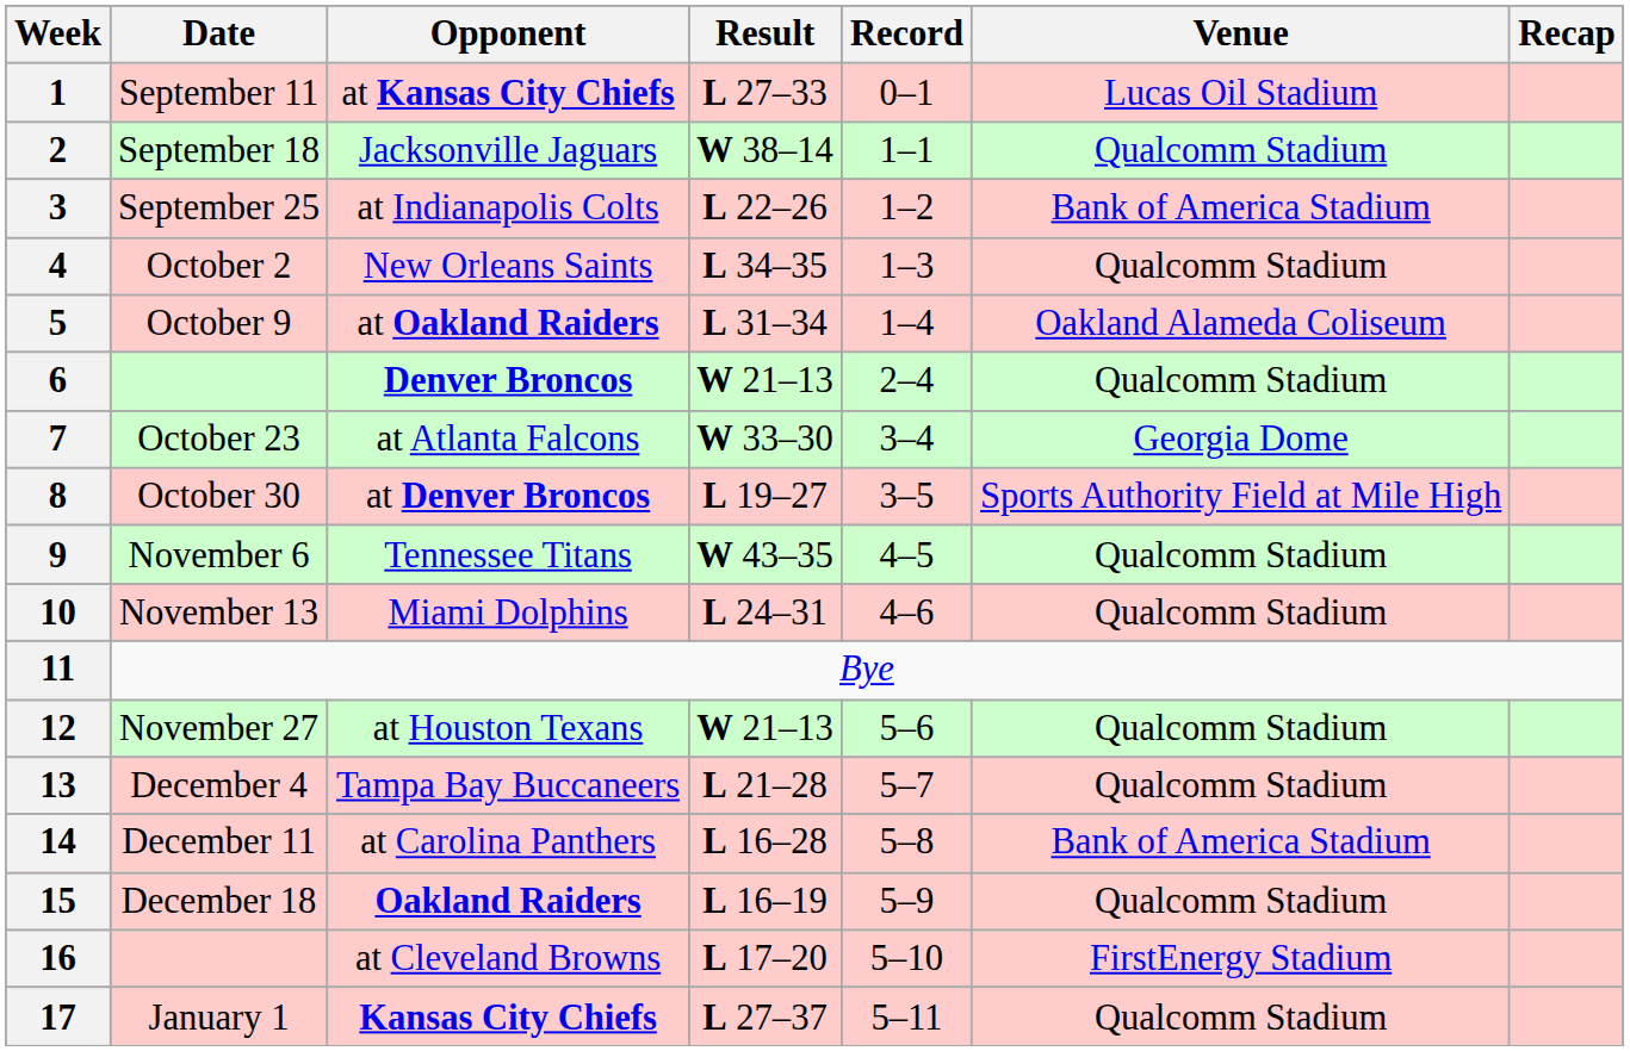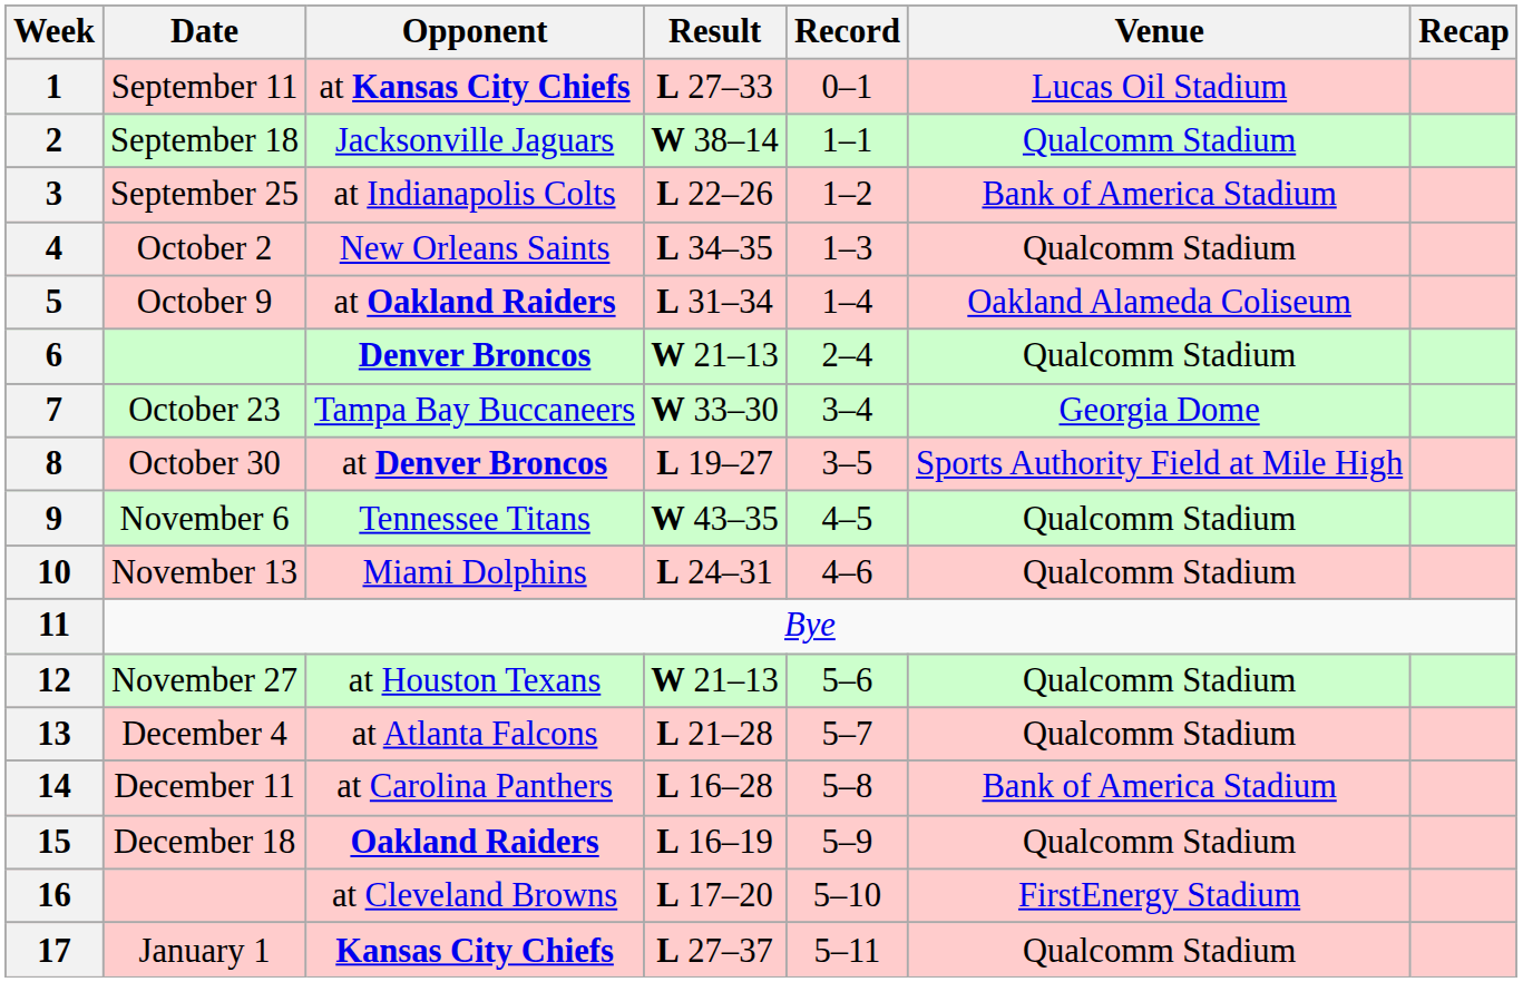 <table class="wikitable" style="text-align:center">
 <tr>
 <th>Week</th>
 <th>Date</th>
 <th>Opponent</th>
 <th>Result</th>
 <th>Record</th>
 <th>Venue</th>
 <th>Recap</th>
 </tr>
 <tr style="background:#fcc">
 <th>1</th>
 <td>September 11</td>
 <td>at <strong><a href='#'>Kansas City Chiefs</a></strong></td>
 <td><strong>L</strong> 27–33 </td>
 <td>0–1</td>
 <td><a href='#'>Lucas Oil Stadium</a></td>
 <td></td>
 </tr>
 <tr style="background:#cfc">
 <th>2</th>
 <td>September 18</td>
 <td><a href='#'>Jacksonville Jaguars</a></td>
 <td><strong>W</strong> 38–14</td>
 <td>1–1</td>
 <td><a href='#'>Qualcomm Stadium</a></td>
 <td></td>
 </tr>
 <tr style="background:#fcc">
 <th>3</th>
 <td>September 25</td>
 <td>at <a href='#'>Indianapolis Colts</a></td>
 <td><strong>L</strong> 22–26</td>
 <td>1–2</td>
 <td><a href='#'>Bank of America Stadium</a></td>
 <td></td>
 </tr>
 <tr style="background:#fcc">
 <th>4</th>
 <td>October 2</td>
 <td><a href='#'>New Orleans Saints</a></td>
 <td><strong>L</strong> 34–35</td>
 <td>1–3</td>
 <td>Qualcomm Stadium</td>
 <td></td>
 </tr>
 <tr style="background:#fcc">
 <th>5</th>
 <td>October 9</td>
 <td>at <strong><a href='#'>Oakland Raiders</a></strong></td>
 <td><strong>L</strong> 31–34</td>
 <td>1–4</td>
 <td><a href='#'>Oakland Alameda Coliseum</a></td>
 <td></td>
 </tr>
 <tr style="background:#cfc">
 <th>6</th>
 <td></td>
 <td><strong><a href='#'>Denver Broncos</a></strong></td>
 <td><strong>W</strong> 21–13</td>
 <td>2–4</td>
 <td>Qualcomm Stadium</td>
 <td></td>
 </tr>
 <tr style="background:#cfc">
 <th>7</th>
 <td>October 23</td>
-<td>at <a href='#'>Atlanta Falcons</a></td>
+<td><a href='#'>Tampa Bay Buccaneers</a></td>
 <td><strong>W</strong> 33–30 </td>
 <td>3–4</td>
 <td><a href='#'>Georgia Dome</a></td>
 <td></td>
 </tr>
 <tr style="background:#fcc">
 <th>8</th>
 <td>October 30</td>
 <td>at <strong><a href='#'>Denver Broncos</a></strong></td>
 <td><strong>L</strong> 19–27</td>
 <td>3–5</td>
 <td><a href='#'>Sports Authority Field at Mile High</a></td>
 <td></td>
 </tr>
 <tr style="background:#cfc">
 <th>9</th>
 <td>November 6</td>
 <td><a href='#'>Tennessee Titans</a></td>
 <td><strong>W</strong> 43–35</td>
 <td>4–5</td>
 <td>Qualcomm Stadium</td>
 <td></td>
 </tr>
 <tr style="background:#fcc">
 <th>10</th>
 <td>November 13</td>
 <td><a href='#'>Miami Dolphins</a></td>
 <td><strong>L</strong> 24–31</td>
 <td>4–6</td>
 <td>Qualcomm Stadium</td>
 <td></td>
 </tr>
 <tr>
 <th>11</th>
 <td colspan=6><em><a href='#'>Bye</a></em></td>
 </tr>
 <tr style="background:#cfc">
 <th>12</th>
 <td>November 27</td>
 <td>at <a href='#'>Houston Texans</a></td>
 <td><strong>W</strong> 21–13</td>
 <td>5–6</td>
 <td>Qualcomm Stadium</td>
 <td></td>
 </tr>
 <tr style="background:#fcc">
 <th>13</th>
 <td>December 4</td>
-<td><a href='#'>Tampa Bay Buccaneers</a></td>
+<td>at <a href='#'>Atlanta Falcons</a></td>
 <td><strong>L</strong> 21–28</td>
 <td>5–7</td>
 <td>Qualcomm Stadium</td>
 <td></td>
 </tr>
 <tr style="background:#fcc">
 <th>14</th>
 <td>December 11</td>
 <td>at <a href='#'>Carolina Panthers</a></td>
 <td><strong>L</strong> 16–28</td>
 <td>5–8</td>
 <td><a href='#'>Bank of America Stadium</a></td>
 <td></td>
 </tr>
 <tr style="background:#fcc">
 <th>15</th>
 <td>December 18</td>
 <td><strong><a href='#'>Oakland Raiders</a></strong></td>
 <td><strong>L</strong> 16–19</td>
 <td>5–9</td>
 <td>Qualcomm Stadium</td>
 <td></td>
 </tr>
 <tr style="background:#fcc">
 <th>16</th>
 <td></td>
 <td>at <a href='#'>Cleveland Browns</a></td>
 <td><strong>L</strong> 17–20</td>
 <td>5–10</td>
 <td><a href='#'>FirstEnergy Stadium</a></td>
 <td></td>
 </tr>
 <tr style="background:#fcc">
 <th>17</th>
 <td>January 1</td>
 <td><strong><a href='#'>Kansas City Chiefs</a></strong></td>
 <td><strong>L</strong> 27–37</td>
 <td>5–11</td>
 <td>Qualcomm Stadium</td>
 <td></td>
 </tr>
 </table>
